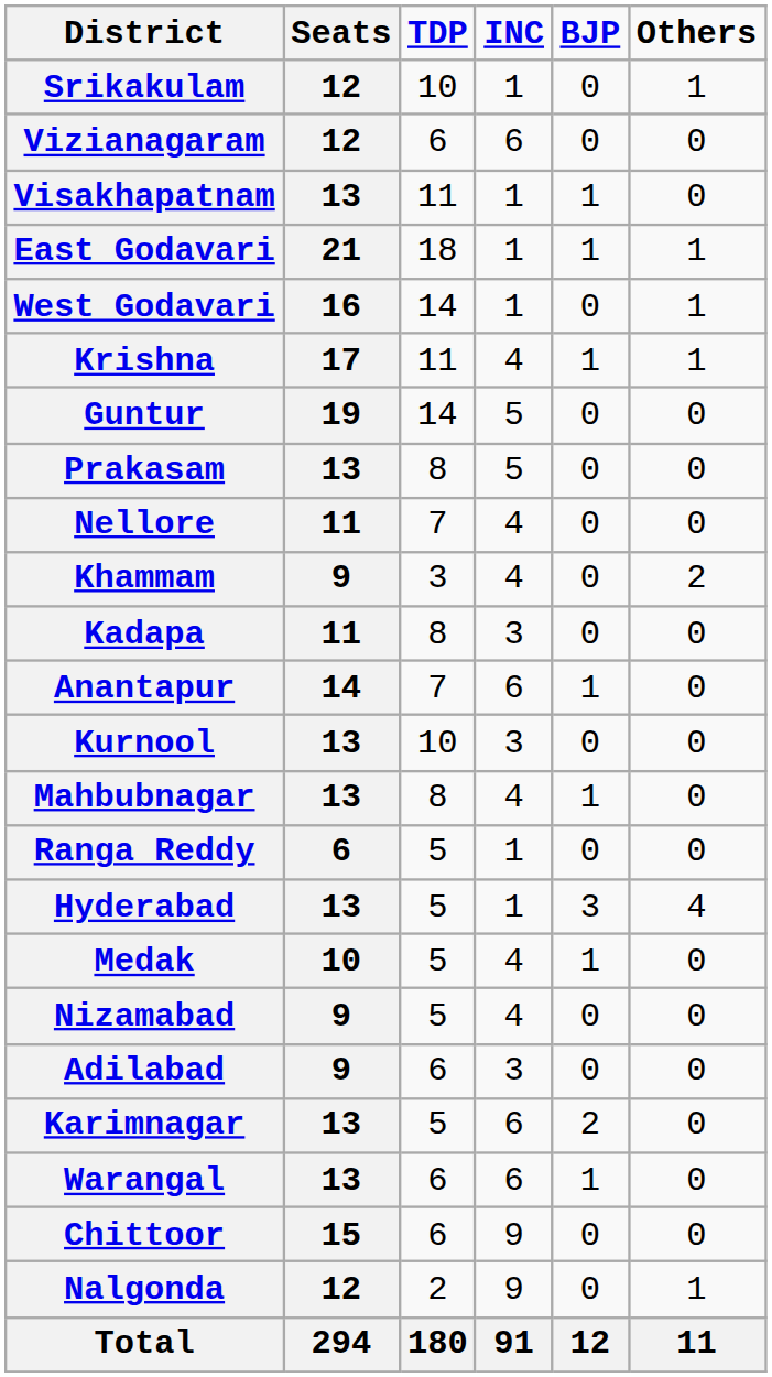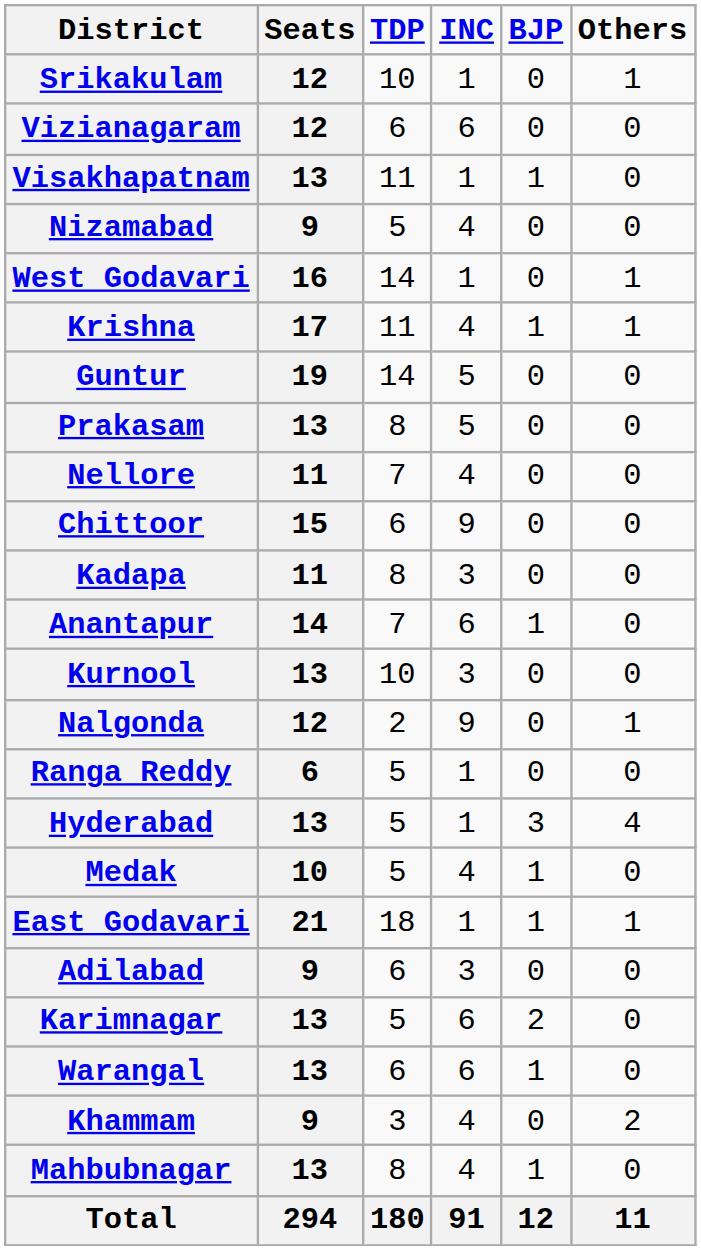 <table class="wikitable sortable" style="text-align:center;">
 <tr>
 <th>District</th>
 <th>Seats</th>
 <td><a href='#'><span><strong>TDP</strong></span></a></td>
 <td><a href='#'><span><strong>INC</strong></span></a></td>
 <td><a href='#'><span><strong>BJP</strong></span></a></td>
 <td><span><strong>Others</strong></span></td>
 </tr>
 <tr>
 <th><a href='#'>Srikakulam</a></th>
 <th>12</th>
 <td style="background:">10</td>
 <td>1</td>
 <td>0</td>
 <td>1</td>
 </tr>
 <tr>
 <th><a href='#'>Vizianagaram</a></th>
 <th>12</th>
 <td>6</td>
 <td>6</td>
 <td>0</td>
 <td>0</td>
 </tr>
 <tr>
 <th><a href='#'>Visakhapatnam</a></th>
 <th>13</th>
 <td style="background:">11</td>
 <td>1</td>
 <td>1</td>
 <td>0</td>
 </tr>
 <tr>
-<th><a href='#'>East Godavari</a></th>
-<th>21</th>
-<td style="background:">18</td>
-<td>1</td>
-<td>1</td>
-<td>1</td>
+<th><a href='#'>Nizamabad</a></th>
+<th>9</th>
+<td style="background:">5</td>
+<td>4</td>
+<td>0</td>
+<td>0</td>
 </tr>
 <tr>
 <th><a href='#'>West Godavari</a></th>
 <th>16</th>
 <td style="background:">14</td>
 <td>1</td>
 <td>0</td>
 <td>1</td>
 </tr>
 <tr>
 <th><a href='#'>Krishna</a></th>
 <th>17</th>
 <td style="background:">11</td>
 <td>4</td>
 <td>1</td>
 <td>1</td>
 </tr>
 <tr>
 <th><a href='#'>Guntur</a></th>
 <th>19</th>
 <td style="background:">14</td>
 <td>5</td>
 <td>0</td>
 <td>0</td>
 </tr>
 <tr>
 <th><a href='#'>Prakasam</a></th>
 <th>13</th>
 <td style="background:">8</td>
 <td>5</td>
 <td>0</td>
 <td>0</td>
 </tr>
 <tr>
 <th><a href='#'>Nellore</a></th>
 <th>11</th>
 <td style="background:">7</td>
 <td>4</td>
 <td>0</td>
 <td>0</td>
 </tr>
 <tr>
-<th><a href='#'>Khammam</a></th>
-<th>9</th>
-<td>3</td>
-<td style="background:">4</td>
+<th><a href='#'>Chittoor</a></th>
+<th>15</th>
+<td>6</td>
+<td style="background:">9</td>
 <td>0</td>
-<td>2</td>
+<td>0</td>
 </tr>
 <tr>
 <th><a href='#'>Kadapa</a></th>
 <th>11</th>
 <td style="background:">8</td>
 <td>3</td>
 <td>0</td>
 <td>0</td>
 </tr>
 <tr>
 <th><a href='#'>Anantapur</a></th>
 <th>14</th>
 <td style="background:">7</td>
 <td>6</td>
 <td>1</td>
 <td>0</td>
 </tr>
 <tr>
 <th><a href='#'>Kurnool</a></th>
 <th>13</th>
 <td style="background:">10</td>
 <td>3</td>
 <td>0</td>
 <td>0</td>
 </tr>
 <tr>
-<th><a href='#'>Mahbubnagar</a></th>
-<th>13</th>
-<td style="background:">8</td>
-<td>4</td>
+<th><a href='#'>Nalgonda</a></th>
+<th>12</th>
+<td>2</td>
+<td style="background:">9</td>
+<td>0</td>
 <td>1</td>
-<td>0</td>
 </tr>
 <tr>
 <th><a href='#'>Ranga Reddy</a></th>
 <th>6</th>
 <td style="background:">5</td>
 <td>1</td>
 <td>0</td>
 <td>0</td>
 </tr>
 <tr>
 <th><a href='#'>Hyderabad</a></th>
 <th>13</th>
 <td style="background:">5</td>
 <td>1</td>
 <td>3</td>
 <td>4</td>
 </tr>
 <tr>
 <th><a href='#'>Medak</a></th>
 <th>10</th>
 <td style="background:">5</td>
 <td>4</td>
 <td>1</td>
 <td>0</td>
 </tr>
 <tr>
-<th><a href='#'>Nizamabad</a></th>
-<th>9</th>
-<td style="background:">5</td>
-<td>4</td>
-<td>0</td>
-<td>0</td>
+<th><a href='#'>East Godavari</a></th>
+<th>21</th>
+<td style="background:">18</td>
+<td>1</td>
+<td>1</td>
+<td>1</td>
 </tr>
 <tr>
 <th><a href='#'>Adilabad</a></th>
 <th>9</th>
 <td style="background:">6</td>
 <td>3</td>
 <td>0</td>
 <td>0</td>
 </tr>
 <tr>
 <th><a href='#'>Karimnagar</a></th>
 <th>13</th>
 <td>5</td>
 <td style="background:">6</td>
 <td>2</td>
 <td>0</td>
 </tr>
 <tr>
 <th><a href='#'>Warangal</a></th>
 <th>13</th>
 <td>6</td>
 <td>6</td>
 <td>1</td>
 <td>0</td>
 </tr>
 <tr>
-<th><a href='#'>Chittoor</a></th>
-<th>15</th>
-<td>6</td>
-<td style="background:">9</td>
+<th><a href='#'>Khammam</a></th>
+<th>9</th>
+<td>3</td>
+<td style="background:">4</td>
 <td>0</td>
-<td>0</td>
+<td>2</td>
 </tr>
 <tr>
-<th><a href='#'>Nalgonda</a></th>
-<th>12</th>
-<td>2</td>
-<td style="background:">9</td>
+<th><a href='#'>Mahbubnagar</a></th>
+<th>13</th>
+<td style="background:">8</td>
+<td>4</td>
+<td>1</td>
 <td>0</td>
-<td>1</td>
 </tr>
 <tr>
 <th>Total</th>
 <th>294</th>
 <th>180</th>
 <th>91</th>
 <th>12</th>
 <th>11</th>
 </tr>
 </table>
